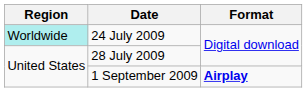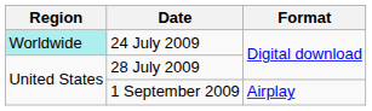 <table class="wikitable">
 <tr>
 <th>Region</th>
 <th>Date</th>
 <th>Format</th>
 </tr>
 <tr>
 <td style="background: paleturquoise;">Worldwide</td>
 <td>24 July 2009</td>
 <td rowspan=2><a href='#'>Digital download</a></td>
 </tr>
 <tr>
 <td rowspan=2>United States</td>
 <td>28 July 2009</td>
 </tr>
 <tr>
 <td>1 September 2009</td>
-<td><strong><a href='#'>Airplay</a></strong></td>
+<td><a href='#'>Airplay</a></td>
 </tr>
 </table>
